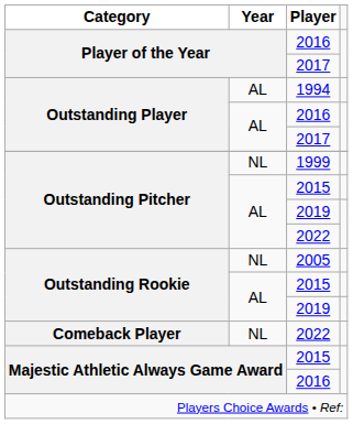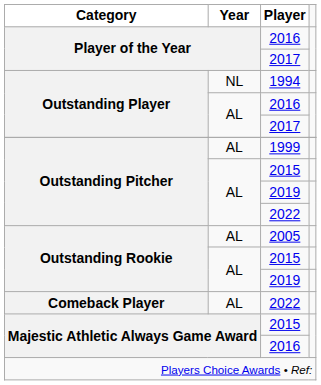 <table class="wikitable sortable plainrowheaders" style="font-size: 90%; style="text-align:left">
 <tr>
 <th scope="col" style="background-color:#ffffff; border-top:#">Category</th>
 <th scope="col" style="background-color:#ffffff; border-top:#">Year</th>
 <th scope="col" style="background-color:#ffffff; border-top:#">Player</th>
 </tr>
 <tr>
 <th scope="row" colspan="2" rowspan="2"><strong>Player of the Year</strong></th>
 <td style="text-align:center"><a href='#'>2016</a></td>
 <td rowspan="2"><strong></strong></td>
 </tr>
 <tr>
 <td style="text-align:center"><a href='#'>2017</a></td>
 </tr>
 <tr>
 <th scope="row" rowspan="3"><strong>Outstanding Player</strong></th>
-<td style="text-align:center">AL</td>
+<td style="text-align:center">NL</td>
 <td style="text-align:center"><a href='#'>1994</a></td>
 <td><strong></strong></td>
 </tr>
 <tr>
 <td style="text-align:center" rowspan="2">AL</td>
 <td style="text-align:center"><a href='#'>2016</a></td>
 <td rowspan="2"><strong></strong></td>
 </tr>
 <tr>
 <td style="text-align:center"><a href='#'>2017</a></td>
 </tr>
 <tr>
 </tr>
 <tr>
 <th scope="row" rowspan="4"><strong>Outstanding Pitcher</strong></th>
-<td style="text-align:center">NL</td>
+<td style="text-align:center">AL</td>
 <td style="text-align:center"><a href='#'>1999</a></td>
 <td><strong></strong></td>
 </tr>
 <tr>
 <td style="text-align:center" rowspan="3">AL</td>
 <td style="text-align:center"><a href='#'>2015</a></td>
 <td><strong></strong></td>
 </tr>
 <tr>
 <td style="text-align:center"><a href='#'>2019</a></td>
 <td rowspan="2"><strong></strong></td>
 </tr>
 <tr>
 <td style="text-align:center"><a href='#'>2022</a></td>
 </tr>
 <tr>
 <th scope="row" rowspan="3"><strong>Outstanding Rookie</strong></th>
-<td style="text-align:center">NL</td>
+<td style="text-align:center">AL</td>
 <td style="text-align:center"><a href='#'>2005</a></td>
 <td><strong></strong></td>
 </tr>
 <tr>
 <td style="text-align:center" rowspan="2">AL</td>
 <td style="text-align:center"><a href='#'>2015</a></td>
 <td><strong></strong></td>
 </tr>
 <tr>
 <td style="text-align:center"><a href='#'>2019</a></td>
 <td><strong></strong></td>
 </tr>
 <tr>
 <th scope="row"><strong>Comeback Player</strong></th>
-<td style="text-align:center">NL</td>
+<td style="text-align:center">AL</td>
 <td style="text-align:center"><a href='#'>2022</a></td>
 <td><strong></strong></td>
 </tr>
 <tr>
 <th scope="row" colspan="2" rowspan="2"><strong>Majestic Athletic Always Game Award</strong></th>
 <td style="text-align:center"><a href='#'>2015</a></td>
 <td rowspan="2"><strong></strong></td>
 </tr>
 <tr>
 <td style="text-align:center"><a href='#'>2016</a></td>
 </tr>
 <tr class="sortbottom">
 <td style="text-align:right"; colspan="4"><small><a href='#'>Players Choice Awards</a> • <em>Ref:</em></small></td>
 </tr>
 </table>
